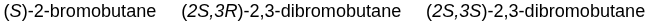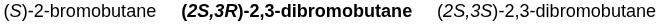 <table cellpadding="10">
 <tr>
 <td align="center"></td>
 <td></td>
 <td></td>
 </tr>
 <tr>
 <td align="center">(<em>S</em>)-2-bromobutane</td>
-<td>(<em>2S,3R</em>)-2,3-dibromobutane</td>
+<td><strong>(<em>2S,3R</em>)-2,3-dibromobutane</strong></td>
 <td>(<em>2S,3S</em>)-2,3-dibromobutane</td>
 </tr>
 </table>
